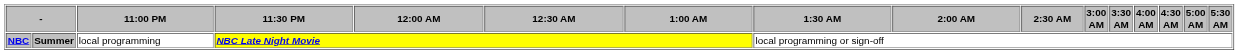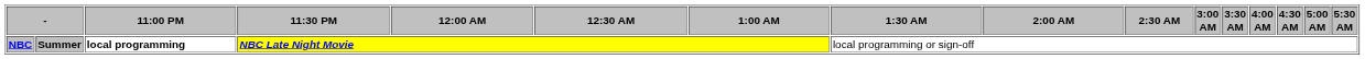 <table border="1" cellpadding="2">
 <tr>
 <th bgcolor="#C0C0C0" colspan=2>-</th>
 <th width="13%" bgcolor="#C0C0C0">11:00 PM</th>
 <th width="14%" bgcolor="#C0C0C0">11:30 PM</th>
 <th width="13%" bgcolor="#C0C0C0">12:00 AM</th>
 <th width="14%" bgcolor="#C0C0C0">12:30 AM</th>
 <th width="13%" bgcolor="#C0C0C0">1:00 AM</th>
 <th width="14%" bgcolor="#C0C0C0">1:30 AM</th>
 <th width="13%" bgcolor="#C0C0C0">2:00 AM</th>
 <th width="14%" bgcolor="#C0C0C0">2:30 AM</th>
 <th width="13%" bgcolor="#C0C0C0">3:00 AM</th>
 <th width="14%" bgcolor="#C0C0C0">3:30 AM</th>
 <th width="13%" bgcolor="#C0C0C0">4:00 AM</th>
 <th width="14%" bgcolor="#C0C0C0">4:30 AM</th>
 <th width="13%" bgcolor="#C0C0C0">5:00 AM</th>
 <th width="14%" bgcolor="#C0C0C0">5:30 AM</th>
 </tr>
 <tr>
 <th bgcolor="#C0C0C0"><a href='#'>NBC</a></th>
 <th bgcolor=#C0C0C0>Summer</th>
-<td bgcolor="white">local programming</td>
+<td bgcolor="white"><strong>local programming</strong></td>
 <td bgcolor="yellow" colspan="4"><strong><a href='#'><em>NBC Late Night Movie</em></a></strong></td>
 <td bgcolor="white" colspan="9">local programming or sign-off</td>
 </tr>
 </table>
